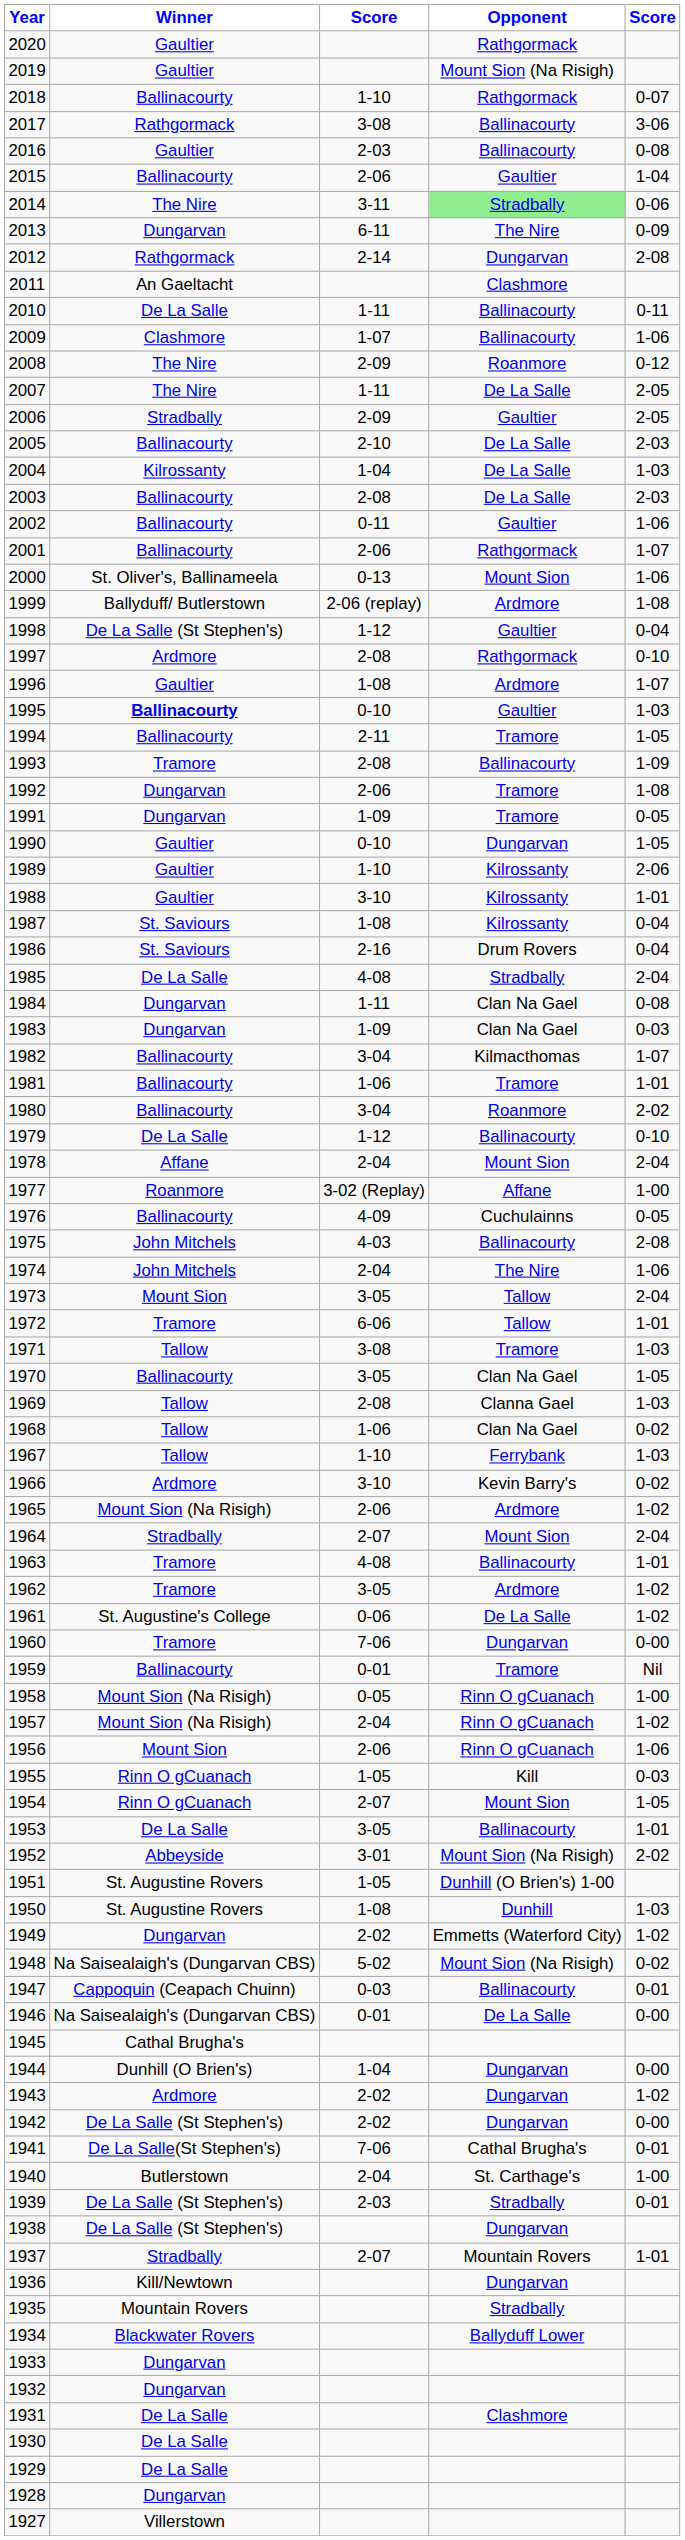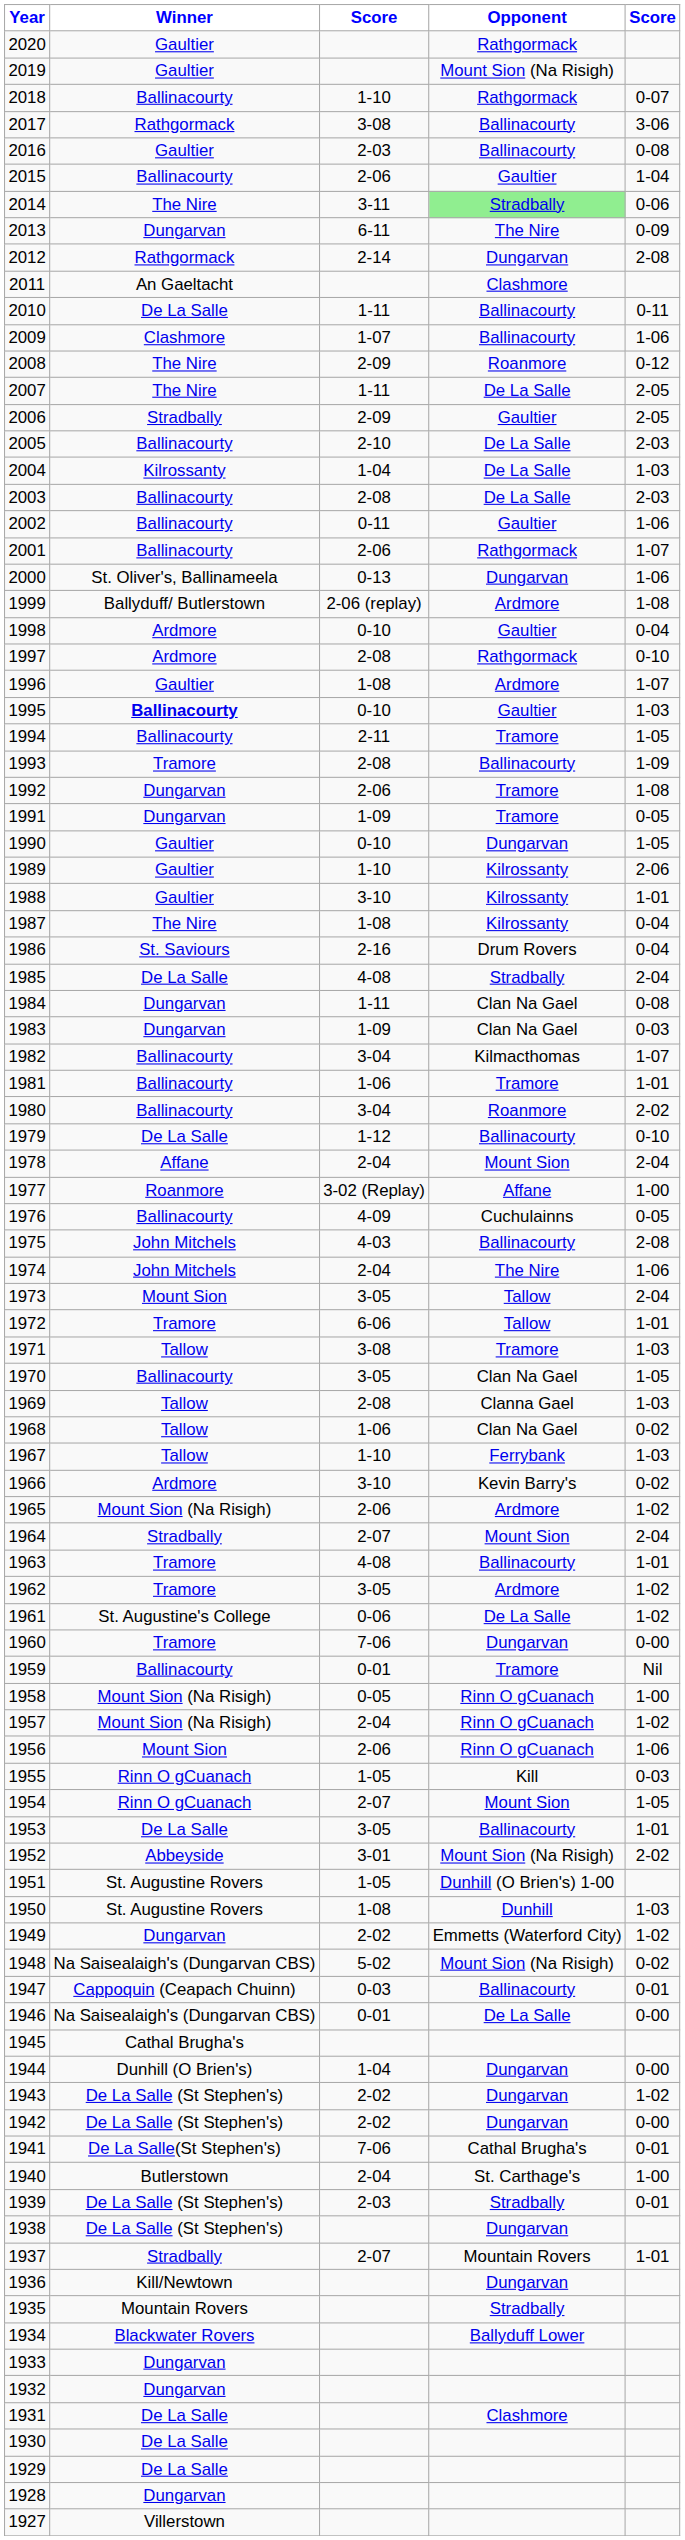 <table class="wikitable" style="text-align:center;">
 <tr>
 <th style="background:white;color:blue;">Year</th>
 <th style="background:white;color:blue;">Winner</th>
 <th style="background:white;color:blue;">Score</th>
 <th style="background:white;color:blue;">Opponent</th>
 <th style="background:white;color:blue;">Score</th>
 </tr>
 <tr>
 <td>2020</td>
 <td><a href='#'>Gaultier</a></td>
 <td></td>
 <td><a href='#'>Rathgormack</a></td>
 <td></td>
 </tr>
 <tr>
 <td>2019</td>
 <td><a href='#'>Gaultier</a></td>
 <td></td>
 <td><a href='#'>Mount Sion</a> (Na Risigh)</td>
 <td></td>
 </tr>
 <tr>
 <td>2018</td>
 <td><a href='#'>Ballinacourty</a></td>
 <td>1-10</td>
 <td><a href='#'>Rathgormack</a></td>
 <td>0-07</td>
 </tr>
 <tr>
 <td>2017</td>
 <td><a href='#'>Rathgormack</a></td>
 <td>3-08</td>
 <td><a href='#'>Ballinacourty</a></td>
 <td>3-06</td>
 </tr>
 <tr>
 <td>2016</td>
 <td><a href='#'>Gaultier</a></td>
 <td>2-03</td>
 <td><a href='#'>Ballinacourty</a></td>
 <td>0-08</td>
 </tr>
 <tr>
 <td>2015</td>
 <td><a href='#'>Ballinacourty</a></td>
 <td>2-06</td>
 <td><a href='#'>Gaultier</a></td>
 <td>1-04</td>
 </tr>
 <tr>
 <td>2014</td>
 <td><a href='#'>The Nire</a></td>
 <td>3-11</td>
 <td style="background: lightgreen;"><a href='#'>Stradbally</a></td>
 <td>0-06</td>
 </tr>
 <tr>
 <td>2013</td>
 <td><a href='#'>Dungarvan</a></td>
 <td>6-11</td>
 <td><a href='#'>The Nire</a></td>
 <td>0-09</td>
 </tr>
 <tr>
 <td>2012</td>
 <td><a href='#'>Rathgormack</a></td>
 <td>2-14</td>
 <td><a href='#'>Dungarvan</a></td>
 <td>2-08</td>
 </tr>
 <tr>
 <td>2011</td>
 <td>An Gaeltacht</td>
 <td></td>
 <td><a href='#'>Clashmore</a></td>
 <td></td>
 </tr>
 <tr>
 <td>2010</td>
 <td><a href='#'>De La Salle</a></td>
 <td>1-11</td>
 <td><a href='#'>Ballinacourty</a></td>
 <td>0-11</td>
 </tr>
 <tr>
 <td>2009</td>
 <td><a href='#'>Clashmore</a></td>
 <td>1-07</td>
 <td><a href='#'>Ballinacourty</a></td>
 <td>1-06</td>
 </tr>
 <tr>
 <td>2008</td>
 <td><a href='#'>The Nire</a></td>
 <td>2-09</td>
 <td><a href='#'>Roanmore</a></td>
 <td>0-12</td>
 </tr>
 <tr>
 <td>2007</td>
 <td><a href='#'>The Nire</a></td>
 <td>1-11</td>
 <td><a href='#'>De La Salle</a></td>
 <td>2-05</td>
 </tr>
 <tr>
 <td>2006</td>
 <td><a href='#'>Stradbally</a></td>
 <td>2-09</td>
 <td><a href='#'>Gaultier</a></td>
 <td>2-05</td>
 </tr>
 <tr>
 <td>2005</td>
 <td><a href='#'>Ballinacourty</a></td>
 <td>2-10</td>
 <td><a href='#'>De La Salle</a></td>
 <td>2-03</td>
 </tr>
 <tr>
 <td>2004</td>
 <td><a href='#'>Kilrossanty</a></td>
 <td>1-04</td>
 <td><a href='#'>De La Salle</a></td>
 <td>1-03</td>
 </tr>
 <tr>
 <td>2003</td>
 <td><a href='#'>Ballinacourty</a></td>
 <td>2-08</td>
 <td><a href='#'>De La Salle</a></td>
 <td>2-03</td>
 </tr>
 <tr>
 <td>2002</td>
 <td><a href='#'>Ballinacourty</a></td>
 <td>0-11</td>
 <td><a href='#'>Gaultier</a></td>
 <td>1-06</td>
 </tr>
 <tr>
 <td>2001</td>
 <td><a href='#'>Ballinacourty</a></td>
 <td>2-06</td>
 <td><a href='#'>Rathgormack</a></td>
 <td>1-07</td>
 </tr>
 <tr>
 <td>2000</td>
 <td>St. Oliver's, Ballinameela</td>
 <td>0-13</td>
-<td><a href='#'>Mount Sion</a></td>
+<td><a href='#'>Dungarvan</a></td>
 <td>1-06</td>
 </tr>
 <tr>
 <td>1999</td>
 <td>Ballyduff/ Butlerstown</td>
 <td>2-06 (replay)</td>
 <td><a href='#'>Ardmore</a></td>
 <td>1-08</td>
 </tr>
 <tr>
 <td>1998</td>
-<td><a href='#'>De La Salle</a> (St Stephen's)</td>
-<td>1-12</td>
+<td><a href='#'>Ardmore</a></td>
+<td>0-10</td>
 <td><a href='#'>Gaultier</a></td>
 <td>0-04</td>
 </tr>
 <tr>
 <td>1997</td>
 <td><a href='#'>Ardmore</a></td>
 <td>2-08</td>
 <td><a href='#'>Rathgormack</a></td>
 <td>0-10</td>
 </tr>
 <tr>
 <td>1996</td>
 <td><a href='#'>Gaultier</a></td>
 <td>1-08</td>
 <td><a href='#'>Ardmore</a></td>
 <td>1-07</td>
 </tr>
 <tr>
 <td>1995</td>
 <td><strong><a href='#'>Ballinacourty</a></strong></td>
 <td>0-10</td>
 <td><a href='#'>Gaultier</a></td>
 <td>1-03</td>
 </tr>
 <tr>
 <td>1994</td>
 <td><a href='#'>Ballinacourty</a></td>
 <td>2-11</td>
 <td><a href='#'>Tramore</a></td>
 <td>1-05</td>
 </tr>
 <tr>
 <td>1993</td>
 <td><a href='#'>Tramore</a></td>
 <td>2-08</td>
 <td><a href='#'>Ballinacourty</a></td>
 <td>1-09</td>
 </tr>
 <tr>
 <td>1992</td>
 <td><a href='#'>Dungarvan</a></td>
 <td>2-06</td>
 <td><a href='#'>Tramore</a></td>
 <td>1-08</td>
 </tr>
 <tr>
 <td>1991</td>
 <td><a href='#'>Dungarvan</a></td>
 <td>1-09</td>
 <td><a href='#'>Tramore</a></td>
 <td>0-05</td>
 </tr>
 <tr>
 <td>1990</td>
 <td><a href='#'>Gaultier</a></td>
 <td>0-10</td>
 <td><a href='#'>Dungarvan</a></td>
 <td>1-05</td>
 </tr>
 <tr>
 <td>1989</td>
 <td><a href='#'>Gaultier</a></td>
 <td>1-10</td>
 <td><a href='#'>Kilrossanty</a></td>
 <td>2-06</td>
 </tr>
 <tr>
 <td>1988</td>
 <td><a href='#'>Gaultier</a></td>
 <td>3-10</td>
 <td><a href='#'>Kilrossanty</a></td>
 <td>1-01</td>
 </tr>
 <tr>
 <td>1987</td>
-<td><a href='#'>St. Saviours</a></td>
+<td><a href='#'>The Nire</a></td>
 <td>1-08</td>
 <td><a href='#'>Kilrossanty</a></td>
 <td>0-04</td>
 </tr>
 <tr>
 <td>1986</td>
 <td><a href='#'>St. Saviours</a></td>
 <td>2-16</td>
 <td>Drum Rovers</td>
 <td>0-04</td>
 </tr>
 <tr>
 <td>1985</td>
 <td><a href='#'>De La Salle</a></td>
 <td>4-08</td>
 <td><a href='#'>Stradbally</a></td>
 <td>2-04</td>
 </tr>
 <tr>
 <td>1984</td>
 <td><a href='#'>Dungarvan</a></td>
 <td>1-11</td>
 <td>Clan Na Gael</td>
 <td>0-08</td>
 </tr>
 <tr>
 <td>1983</td>
 <td><a href='#'>Dungarvan</a></td>
 <td>1-09</td>
 <td>Clan Na Gael</td>
 <td>0-03</td>
 </tr>
 <tr>
 <td>1982</td>
 <td><a href='#'>Ballinacourty</a></td>
 <td>3-04</td>
 <td>Kilmacthomas</td>
 <td>1-07</td>
 </tr>
 <tr>
 <td>1981</td>
 <td><a href='#'>Ballinacourty</a></td>
 <td>1-06</td>
 <td><a href='#'>Tramore</a></td>
 <td>1-01</td>
 </tr>
 <tr>
 <td>1980</td>
 <td><a href='#'>Ballinacourty</a></td>
 <td>3-04</td>
 <td><a href='#'>Roanmore</a></td>
 <td>2-02</td>
 </tr>
 <tr>
 <td>1979</td>
 <td><a href='#'>De La Salle</a></td>
 <td>1-12</td>
 <td><a href='#'>Ballinacourty</a></td>
 <td>0-10</td>
 </tr>
 <tr>
 <td>1978</td>
 <td><a href='#'>Affane</a></td>
 <td>2-04</td>
 <td><a href='#'>Mount Sion</a></td>
 <td>2-04</td>
 </tr>
 <tr>
 <td>1977</td>
 <td><a href='#'>Roanmore</a></td>
 <td>3-02 (Replay)</td>
 <td><a href='#'>Affane</a></td>
 <td>1-00</td>
 </tr>
 <tr>
 <td>1976</td>
 <td><a href='#'>Ballinacourty</a></td>
 <td>4-09</td>
 <td>Cuchulainns</td>
 <td>0-05</td>
 </tr>
 <tr>
 <td>1975</td>
 <td><a href='#'>John Mitchels</a></td>
 <td>4-03</td>
 <td><a href='#'>Ballinacourty</a></td>
 <td>2-08</td>
 </tr>
 <tr>
 <td>1974</td>
 <td><a href='#'>John Mitchels</a></td>
 <td>2-04</td>
 <td><a href='#'>The Nire</a></td>
 <td>1-06</td>
 </tr>
 <tr>
 <td>1973</td>
 <td><a href='#'>Mount Sion</a></td>
 <td>3-05</td>
 <td><a href='#'>Tallow</a></td>
 <td>2-04</td>
 </tr>
 <tr>
 <td>1972</td>
 <td><a href='#'>Tramore</a></td>
 <td>6-06</td>
 <td><a href='#'>Tallow</a></td>
 <td>1-01</td>
 </tr>
 <tr>
 <td>1971</td>
 <td><a href='#'>Tallow</a></td>
 <td>3-08</td>
 <td><a href='#'>Tramore</a></td>
 <td>1-03</td>
 </tr>
 <tr>
 <td>1970</td>
 <td><a href='#'>Ballinacourty</a></td>
 <td>3-05</td>
 <td>Clan Na Gael</td>
 <td>1-05</td>
 </tr>
 <tr>
 <td>1969</td>
 <td><a href='#'>Tallow</a></td>
 <td>2-08</td>
 <td>Clanna Gael</td>
 <td>1-03</td>
 </tr>
 <tr>
 <td>1968</td>
 <td><a href='#'>Tallow</a></td>
 <td>1-06</td>
 <td>Clan Na Gael</td>
 <td>0-02</td>
 </tr>
 <tr>
 <td>1967</td>
 <td><a href='#'>Tallow</a></td>
 <td>1-10</td>
 <td><a href='#'>Ferrybank</a></td>
 <td>1-03</td>
 </tr>
 <tr>
 <td>1966</td>
 <td><a href='#'>Ardmore</a></td>
 <td>3-10</td>
 <td>Kevin Barry's</td>
 <td>0-02</td>
 </tr>
 <tr>
 <td>1965</td>
 <td><a href='#'>Mount Sion</a> (Na Risigh)</td>
 <td>2-06</td>
 <td><a href='#'>Ardmore</a></td>
 <td>1-02</td>
 </tr>
 <tr>
 <td>1964</td>
 <td><a href='#'>Stradbally</a></td>
 <td>2-07</td>
 <td><a href='#'>Mount Sion</a></td>
 <td>2-04</td>
 </tr>
 <tr>
 <td>1963</td>
 <td><a href='#'>Tramore</a></td>
 <td>4-08</td>
 <td><a href='#'>Ballinacourty</a></td>
 <td>1-01</td>
 </tr>
 <tr>
 <td>1962</td>
 <td><a href='#'>Tramore</a></td>
 <td>3-05</td>
 <td><a href='#'>Ardmore</a></td>
 <td>1-02</td>
 </tr>
 <tr>
 <td>1961</td>
 <td>St. Augustine's College</td>
 <td>0-06</td>
 <td><a href='#'>De La Salle</a></td>
 <td>1-02</td>
 </tr>
 <tr>
 <td>1960</td>
 <td><a href='#'>Tramore</a></td>
 <td>7-06</td>
 <td><a href='#'>Dungarvan</a></td>
 <td>0-00</td>
 </tr>
 <tr>
 <td>1959</td>
 <td><a href='#'>Ballinacourty</a></td>
 <td>0-01</td>
 <td><a href='#'>Tramore</a></td>
 <td>Nil</td>
 </tr>
 <tr>
 <td>1958</td>
 <td><a href='#'>Mount Sion</a> (Na Risigh)</td>
 <td>0-05</td>
 <td><a href='#'>Rinn O gCuanach</a></td>
 <td>1-00</td>
 </tr>
 <tr>
 <td>1957</td>
 <td><a href='#'>Mount Sion</a> (Na Risigh)</td>
 <td>2-04</td>
 <td><a href='#'>Rinn O gCuanach</a></td>
 <td>1-02</td>
 </tr>
 <tr>
 <td>1956</td>
 <td><a href='#'>Mount Sion</a></td>
 <td>2-06</td>
 <td><a href='#'>Rinn O gCuanach</a></td>
 <td>1-06</td>
 </tr>
 <tr>
 <td>1955</td>
 <td><a href='#'>Rinn O gCuanach</a></td>
 <td>1-05</td>
 <td>Kill</td>
 <td>0-03</td>
 </tr>
 <tr>
 <td>1954</td>
 <td><a href='#'>Rinn O gCuanach</a></td>
 <td>2-07</td>
 <td><a href='#'>Mount Sion</a></td>
 <td>1-05</td>
 </tr>
 <tr>
 <td>1953</td>
 <td><a href='#'>De La Salle</a></td>
 <td>3-05</td>
 <td><a href='#'>Ballinacourty</a></td>
 <td>1-01</td>
 </tr>
 <tr>
 <td>1952</td>
 <td><a href='#'>Abbeyside</a></td>
 <td>3-01</td>
 <td><a href='#'>Mount Sion</a> (Na Risigh)</td>
 <td>2-02</td>
 </tr>
 <tr>
 <td>1951</td>
 <td>St. Augustine Rovers</td>
 <td>1-05</td>
 <td><a href='#'>Dunhill</a> (O Brien's) 1-00</td>
 </tr>
 <tr>
 <td>1950</td>
 <td>St. Augustine Rovers</td>
 <td>1-08</td>
 <td><a href='#'>Dunhill</a></td>
 <td>1-03</td>
 </tr>
 <tr>
 <td>1949</td>
 <td><a href='#'>Dungarvan</a></td>
 <td>2-02</td>
 <td>Emmetts (Waterford City)</td>
 <td>1-02</td>
 </tr>
 <tr>
 <td>1948</td>
 <td>Na Saisealaigh's (Dungarvan CBS)</td>
 <td>5-02</td>
 <td><a href='#'>Mount Sion</a> (Na Risigh)</td>
 <td>0-02</td>
 </tr>
 <tr>
 <td>1947</td>
 <td><a href='#'>Cappoquin</a> (Ceapach Chuinn)</td>
 <td>0-03</td>
 <td><a href='#'>Ballinacourty</a></td>
 <td>0-01</td>
 </tr>
 <tr>
 <td>1946</td>
 <td>Na Saisealaigh's (Dungarvan CBS)</td>
 <td>0-01</td>
 <td><a href='#'>De La Salle</a></td>
 <td>0-00</td>
 </tr>
 <tr>
 <td>1945</td>
 <td>Cathal Brugha's</td>
 <td></td>
 <td></td>
 <td></td>
 </tr>
 <tr>
 <td>1944</td>
 <td>Dunhill (O Brien's)</td>
 <td>1-04</td>
 <td><a href='#'>Dungarvan</a></td>
 <td>0-00</td>
 </tr>
 <tr>
 <td>1943</td>
-<td><a href='#'>Ardmore</a></td>
+<td><a href='#'>De La Salle</a> (St Stephen's)</td>
 <td>2-02</td>
 <td><a href='#'>Dungarvan</a></td>
 <td>1-02</td>
 </tr>
 <tr>
 <td>1942</td>
 <td><a href='#'>De La Salle</a> (St Stephen's)</td>
 <td>2-02</td>
 <td><a href='#'>Dungarvan</a></td>
 <td>0-00</td>
 </tr>
 <tr>
 <td>1941</td>
 <td><a href='#'>De La Salle</a>(St Stephen's)</td>
 <td>7-06</td>
 <td>Cathal Brugha's</td>
 <td>0-01</td>
 </tr>
 <tr>
 <td>1940</td>
 <td>Butlerstown</td>
 <td>2-04</td>
 <td>St. Carthage's</td>
 <td>1-00</td>
 </tr>
 <tr>
 <td>1939</td>
 <td><a href='#'>De La Salle</a> (St Stephen's)</td>
 <td>2-03</td>
 <td><a href='#'>Stradbally</a></td>
 <td>0-01</td>
 </tr>
 <tr>
 <td>1938</td>
 <td><a href='#'>De La Salle</a> (St Stephen's)</td>
 <td></td>
 <td><a href='#'>Dungarvan</a></td>
 <td></td>
 </tr>
 <tr>
 <td>1937</td>
 <td><a href='#'>Stradbally</a></td>
 <td>2-07</td>
 <td>Mountain Rovers</td>
 <td>1-01</td>
 </tr>
 <tr>
 <td>1936</td>
 <td>Kill/Newtown</td>
 <td></td>
 <td><a href='#'>Dungarvan</a></td>
 <td></td>
 </tr>
 <tr>
 <td>1935</td>
 <td>Mountain Rovers</td>
 <td></td>
 <td><a href='#'>Stradbally</a></td>
 <td></td>
 </tr>
 <tr>
 <td>1934</td>
 <td><a href='#'>Blackwater Rovers</a></td>
 <td></td>
 <td><a href='#'>Ballyduff Lower</a></td>
 <td></td>
 </tr>
 <tr>
 <td>1933</td>
 <td><a href='#'>Dungarvan</a></td>
 <td></td>
 <td></td>
 <td></td>
 </tr>
 <tr>
 <td>1932</td>
 <td><a href='#'>Dungarvan</a></td>
 <td></td>
 <td></td>
 <td></td>
 </tr>
 <tr>
 <td>1931</td>
 <td><a href='#'>De La Salle</a></td>
 <td></td>
 <td><a href='#'>Clashmore</a></td>
 <td></td>
 </tr>
 <tr>
 <td>1930</td>
 <td><a href='#'>De La Salle</a></td>
 <td></td>
 <td></td>
 <td></td>
 </tr>
 <tr>
 <td>1929</td>
 <td><a href='#'>De La Salle</a></td>
 <td></td>
 <td></td>
 <td></td>
 </tr>
 <tr>
 <td>1928</td>
 <td><a href='#'>Dungarvan</a></td>
 <td></td>
 <td></td>
 <td></td>
 </tr>
 <tr>
 <td>1927</td>
 <td>Villerstown</td>
 <td></td>
 <td></td>
 <td></td>
 </tr>
 <tr>
 </tr>
 </table>
